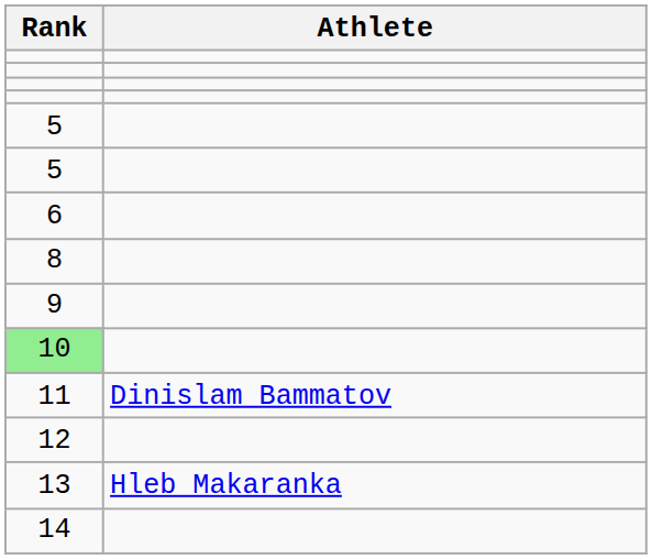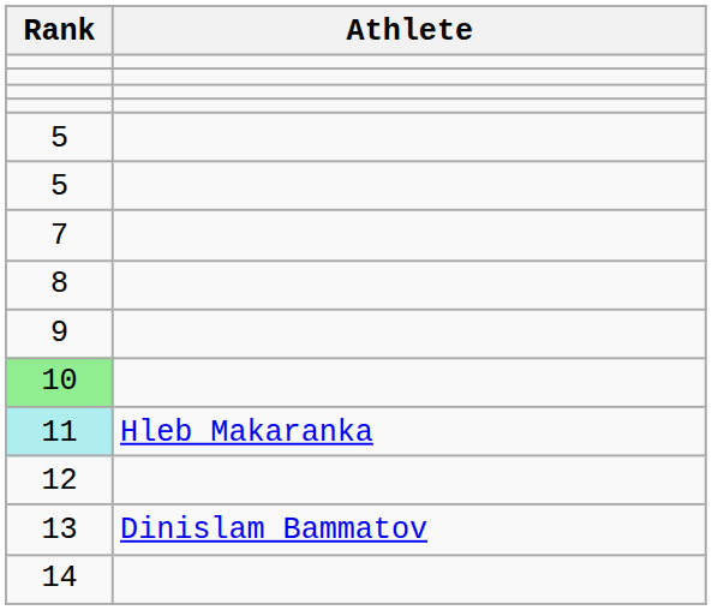 <table class="wikitable" style="text-align: center;">
 <tr>
 <th width=40>Rank</th>
 <th width=250>Athlete</th>
 </tr>
 <tr>
 <td></td>
 <td align="left"></td>
 </tr>
 <tr>
 <td></td>
 <td align="left"></td>
 </tr>
 <tr>
 <td></td>
 <td align="left"></td>
 </tr>
 <tr>
 <td></td>
 <td align="left"></td>
 </tr>
 <tr>
 <td>5</td>
 <td align="left"></td>
 </tr>
 <tr>
 <td>5</td>
 <td align="left"></td>
 </tr>
 <tr>
-<td>6</td>
+<td>7</td>
 <td align="left"></td>
 </tr>
 <tr>
 <td>8</td>
 <td align="left"></td>
 </tr>
 <tr>
 <td>9</td>
 <td align="left"></td>
 </tr>
 <tr>
 <td style="background: lightgreen;">10</td>
 <td align="left"></td>
 </tr>
 <tr>
-<td>11</td>
-<td align="left"> <a href='#'>Dinislam Bammatov</a> </td>
+<td style="background: paleturquoise;">11</td>
+<td align="left"> <a href='#'>Hleb Makaranka</a> </td>
 </tr>
 <tr>
 <td>12</td>
 <td align="left"></td>
 </tr>
 <tr>
 <td>13</td>
-<td align="left"> <a href='#'>Hleb Makaranka</a> </td>
+<td align="left"> <a href='#'>Dinislam Bammatov</a> </td>
 </tr>
 <tr>
 <td>14</td>
 <td align="left"></td>
 </tr>
 </table>
